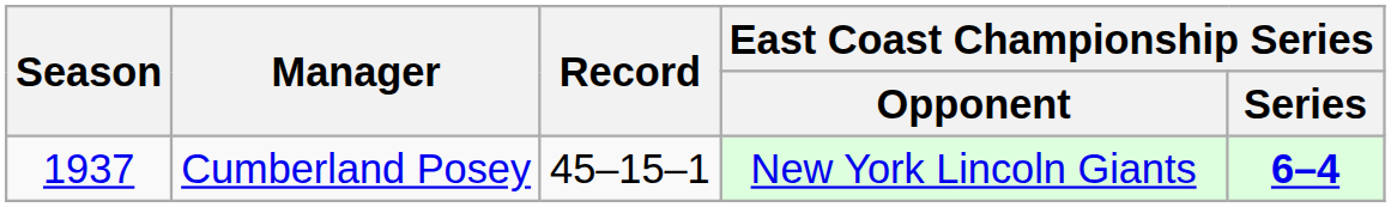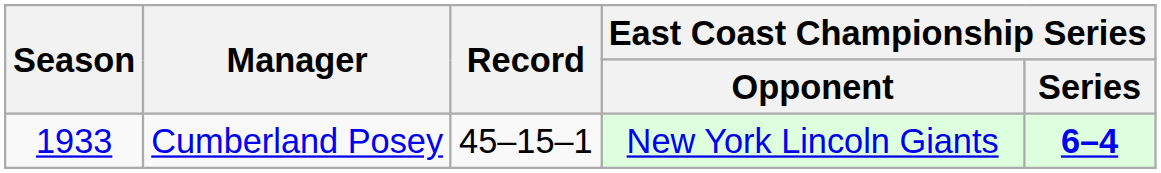 <table class="wikitable" style="font-size:95%; text-align:center">
 <tr>
 <th rowspan="2">Season</th>
 <th rowspan="2">Manager</th>
 <th rowspan="2">Record</th>
 <th colspan="2">East Coast Championship Series</th>
 </tr>
 <tr>
 <th>Opponent</th>
 <th>Series</th>
 </tr>
 <tr>
-<td><a href='#'>1937</a></td>
+<td><a href='#'>1933</a></td>
 <td><a href='#'>Cumberland Posey</a></td>
 <td>45–15–1</td>
 <td style="background:#dfd;"><a href='#'>New York Lincoln Giants</a></td>
 <td style="background:#dfd;"><strong><a href='#'>6–4</a></strong></td>
 </tr>
 </table>
